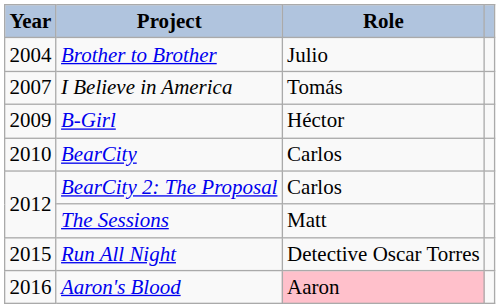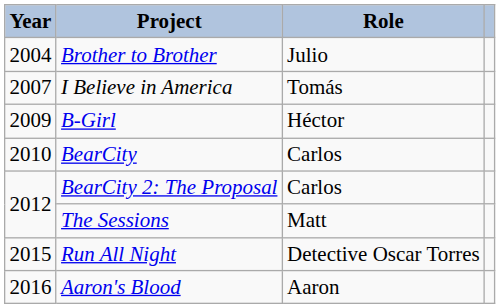 <table class="wikitable">
 <tr>
 <th style="background:#B0C4DE;">Year</th>
 <th style="background:#B0C4DE;">Project</th>
 <th style="background:#B0C4DE;">Role</th>
 <th style="background:#B0C4DE;"></th>
 </tr>
 <tr>
 <td>2004</td>
 <td><em><a href='#'>Brother to Brother</a></em></td>
 <td>Julio</td>
 <td></td>
 </tr>
 <tr>
 <td>2007</td>
 <td><em>I Believe in America</em></td>
 <td>Tomás</td>
 <td></td>
 </tr>
 <tr>
 <td>2009</td>
 <td><em><a href='#'>B-Girl</a></em></td>
 <td>Héctor</td>
 <td></td>
 </tr>
 <tr>
 <td>2010</td>
 <td><em><a href='#'>BearCity</a></em></td>
 <td>Carlos</td>
 <td></td>
 </tr>
 <tr>
 <td rowspan="2">2012</td>
 <td><em><a href='#'>BearCity 2: The Proposal</a></em></td>
 <td>Carlos</td>
 <td></td>
 </tr>
 <tr>
 <td><em><a href='#'>The Sessions</a></em></td>
 <td>Matt</td>
 <td></td>
 </tr>
 <tr>
 <td>2015</td>
 <td><em><a href='#'>Run All Night</a></em></td>
 <td>Detective Oscar Torres</td>
 <td></td>
 </tr>
 <tr>
 <td>2016</td>
 <td><em><a href='#'>Aaron's Blood</a></em></td>
-<td style="background: pink;">Aaron</td>
+<td>Aaron</td>
 <td></td>
 </tr>
 </table>
